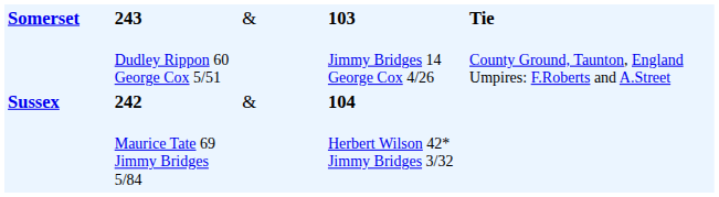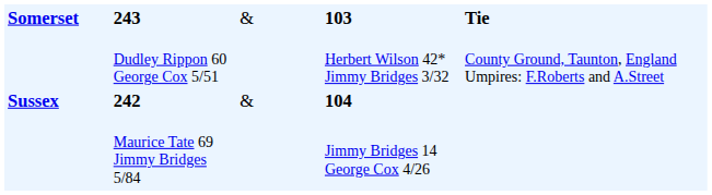 <table width="100%" style="background: #EBF5FF">
 <tr>
 <td width="15%" valign="top" rowspan="2"><strong><a href='#'>Somerset</a></strong></td>
 <td width="18%"><strong>243</strong></td>
 <td width="12%">&</td>
 <td width="20%"><strong>103</strong></td>
 <td width="35%"><strong>Tie</strong></td>
 </tr>
 <tr>
 <td style="font-size: 85%;" valign="top"><br><a href='#'>Dudley Rippon</a> 60<br> <a href='#'>George Cox</a> 5/51</td>
 <td></td>
-<td style="font-size: 85%;"><br><a href='#'>Jimmy Bridges</a> 14<br> <a href='#'>George Cox</a> 4/26</td>
+<td valign="top" style="font-size: 85%;"><br><a href='#'>Herbert Wilson</a> 42*<br> <a href='#'>Jimmy Bridges</a> 3/32</td>
 <td valign="top" style="font-size: 85%;" rowspan="3"><br><a href='#'>County Ground, Taunton</a>, <a href='#'>England</a><br> Umpires: <a href='#'>F.Roberts</a> and <a href='#'>A.Street</a></td>
 </tr>
 <tr>
 <td valign="top" rowspan="2"><strong><a href='#'>Sussex</a></strong></td>
 <td><strong>242</strong></td>
 <td>&</td>
 <td><strong>104</strong></td>
 </tr>
 <tr>
 <td style="font-size: 85%;"><br><a href='#'>Maurice Tate</a> 69<br> <a href='#'>Jimmy Bridges</a> 5/84</td>
 <td></td>
-<td valign="top" style="font-size: 85%;"><br><a href='#'>Herbert Wilson</a> 42*<br> <a href='#'>Jimmy Bridges</a> 3/32</td>
+<td style="font-size: 85%;"><br><a href='#'>Jimmy Bridges</a> 14<br> <a href='#'>George Cox</a> 4/26</td>
 </tr>
 </table>
